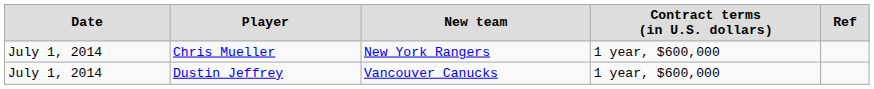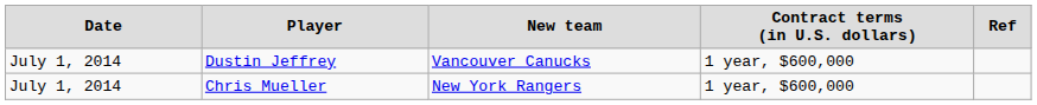 <table class="wikitable" width=97%>
 <tr align="center" bgcolor="#dddddd">
 <td><strong>Date</strong></td>
 <td><strong>Player</strong></td>
 <td><strong>New team</strong></td>
 <td><strong>Contract terms</strong><br><strong>(in U.S. dollars)</strong></td>
 <td><strong>Ref</strong></td>
 </tr>
 <tr>
 <td>July 1, 2014</td>
+<td><a href='#'>Dustin Jeffrey</a></td>
+<td><a href='#'>Vancouver Canucks</a></td>
+<td>1 year, $600,000</td>
+<td></td>
+</tr>
+<tr>
+<td>July 1, 2014</td>
 <td><a href='#'>Chris Mueller</a></td>
 <td><a href='#'>New York Rangers</a></td>
 <td>1 year, $600,000</td>
 <td></td>
 </tr>
-<tr>
-<td>July 1, 2014</td>
-<td><a href='#'>Dustin Jeffrey</a></td>
-<td><a href='#'>Vancouver Canucks</a></td>
-<td>1 year, $600,000</td>
-<td></td>
-</tr>
 </table>
